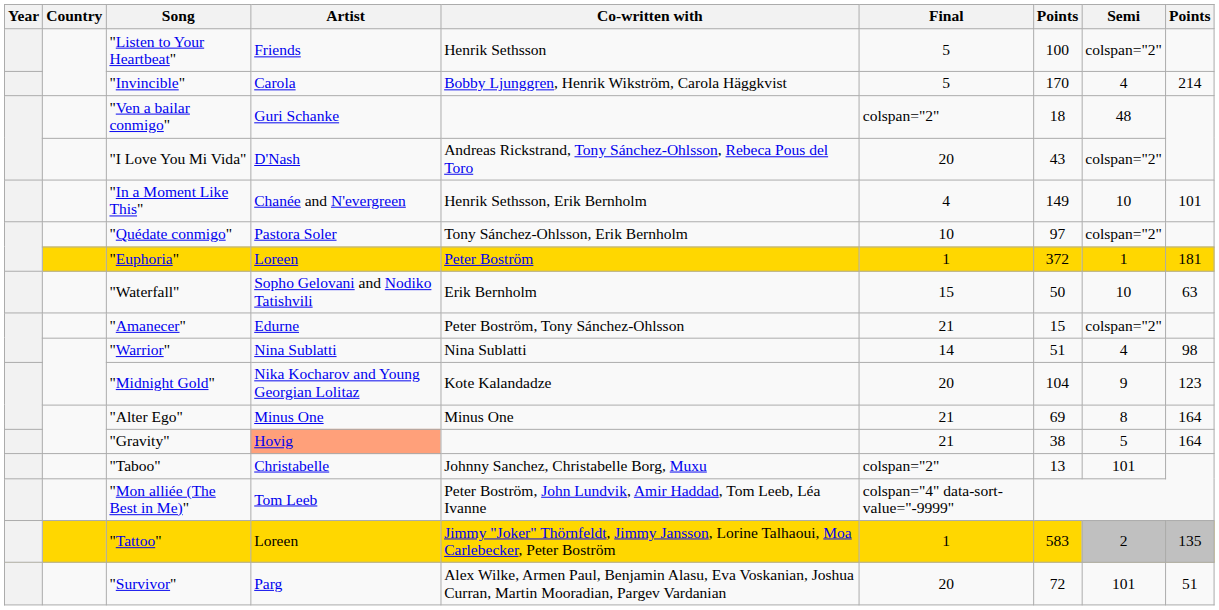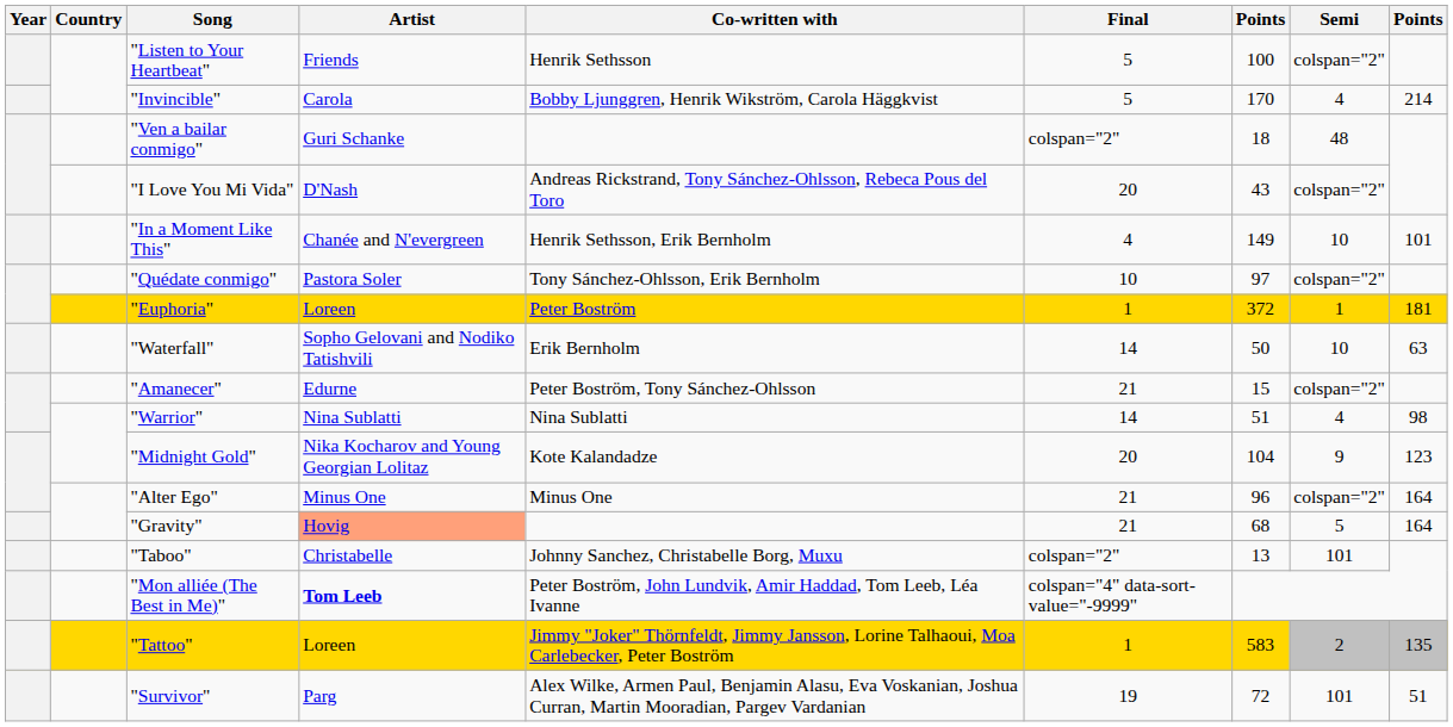 <table class="sortable wikitable plainrowheaders">
 <tr>
 <th scope="col">Year</th>
 <th scope="col">Country</th>
 <th scope="col">Song</th>
 <th scope="col">Artist</th>
 <th scope="col">Co-written with</th>
 <th scope="col">Final</th>
 <th scope="col">Points</th>
 <th scope="col">Semi</th>
 <th scope="col">Points</th>
 </tr>
 <tr>
 <th scope="row" style="text-align:center;"></th>
 <td rowspan=2></td>
 <td>"<a href='#'>Listen to Your Heartbeat</a>"</td>
 <td><a href='#'>Friends</a></td>
 <td>Henrik Sethsson</td>
 <td align=center>5</td>
 <td align=center>100</td>
 <td>colspan="2" </td>
 </tr>
 <tr>
 <th scope="row" style="text-align:center;"></th>
 <td>"<a href='#'>Invincible</a>"</td>
 <td><a href='#'>Carola</a></td>
 <td><a href='#'>Bobby Ljunggren</a>, Henrik Wikström, Carola Häggkvist</td>
 <td align=center>5</td>
 <td align=center>170</td>
 <td align=center>4</td>
 <td align=center>214</td>
 </tr>
 <tr>
 <th scope="row" style="text-align:center;" rowspan=2></th>
 <td></td>
 <td>"<a href='#'>Ven a bailar conmigo</a>"</td>
 <td><a href='#'>Guri Schanke</a></td>
 <td></td>
 <td>colspan="2" </td>
 <td align=center>18</td>
 <td align=center>48</td>
 </tr>
 <tr>
 <td></td>
 <td>"I Love You Mi Vida"</td>
 <td><a href='#'>D'Nash</a></td>
 <td>Andreas Rickstrand, <a href='#'>Tony Sánchez-Ohlsson</a>, <a href='#'>Rebeca Pous del Toro</a></td>
 <td align=center>20</td>
 <td align=center>43</td>
 <td>colspan="2" </td>
 </tr>
 <tr>
 <th scope="row" style="text-align:center;"></th>
 <td></td>
 <td>"<a href='#'>In a Moment Like This</a>"</td>
 <td><a href='#'>Chanée</a> and <a href='#'>N'evergreen</a></td>
 <td>Henrik Sethsson, Erik Bernholm</td>
 <td align=center>4</td>
 <td align=center>149</td>
 <td align=center>10</td>
 <td align=center>101</td>
 </tr>
 <tr>
 <th scope="row" style="text-align:center;" rowspan="2"></th>
 <td></td>
 <td>"<a href='#'>Quédate conmigo</a>"</td>
 <td><a href='#'>Pastora Soler</a></td>
 <td>Tony Sánchez-Ohlsson, Erik Bernholm</td>
 <td align=center>10</td>
 <td align=center>97</td>
 <td>colspan="2" </td>
 </tr>
 <tr bgcolor = "gold">
 <td></td>
 <td>"<a href='#'>Euphoria</a>"</td>
 <td><a href='#'>Loreen</a></td>
 <td><a href='#'>Peter Boström</a></td>
 <td align=center>1</td>
 <td align=center>372</td>
 <td align=center>1</td>
 <td align=center>181</td>
 </tr>
 <tr>
 <th scope="row" style="text-align:center;"></th>
 <td></td>
 <td>"Waterfall"</td>
 <td><a href='#'>Sopho Gelovani</a> and <a href='#'>Nodiko Tatishvili</a></td>
 <td>Erik Bernholm</td>
-<td align=center>15</td>
+<td align=center>14</td>
 <td align=center>50</td>
 <td align=center>10</td>
 <td align=center>63</td>
 </tr>
 <tr>
 <th scope="row" style="text-align:center;" rowspan=2></th>
 <td></td>
 <td>"<a href='#'>Amanecer</a>"</td>
 <td><a href='#'>Edurne</a></td>
 <td>Peter Boström, Tony Sánchez-Ohlsson</td>
 <td align=center>21</td>
 <td align=center>15</td>
 <td>colspan="2" </td>
 </tr>
 <tr>
 <td rowspan="2"></td>
 <td>"<a href='#'>Warrior</a>"</td>
 <td><a href='#'>Nina Sublatti</a></td>
 <td>Nina Sublatti</td>
 <td align=center>14</td>
 <td align=center>51</td>
 <td align=center>4</td>
 <td align=center>98</td>
 </tr>
 <tr>
 <th scope="row" style="text-align:center;" rowspan=2></th>
 <td>"<a href='#'>Midnight Gold</a>"</td>
 <td><a href='#'>Nika Kocharov and Young Georgian Lolitaz</a></td>
 <td>Kote Kalandadze</td>
 <td align=center>20</td>
 <td align=center>104</td>
 <td align=center>9</td>
 <td align=center>123</td>
 </tr>
 <tr>
 <td rowspan="2"></td>
 <td>"Alter Ego"</td>
 <td><a href='#'>Minus One</a></td>
 <td>Minus One</td>
 <td align=center>21</td>
-<td align=center>69</td>
-<td align=center>8</td>
+<td align=center>96</td>
+<td>colspan="2" </td>
 <td align=center>164</td>
 </tr>
 <tr>
 <th scope="row" style="text-align:center;"></th>
 <td>"Gravity"</td>
 <td style="background: lightsalmon;"><a href='#'>Hovig</a></td>
 <td></td>
 <td align=center>21</td>
-<td align=center>38</td>
+<td align=center>68</td>
 <td align=center>5</td>
 <td align=center>164</td>
 </tr>
 <tr>
 <th scope="row" style="text-align:center;"></th>
 <td></td>
 <td>"Taboo"</td>
 <td><a href='#'>Christabelle</a></td>
 <td>Johnny Sanchez, Christabelle Borg, <a href='#'>Muxu</a></td>
 <td>colspan="2" </td>
 <td align=center>13</td>
 <td align=center>101</td>
 </tr>
 <tr>
 <th scope="row" style="text-align:center;"></th>
 <td></td>
 <td>"<a href='#'>Mon alliée (The Best in Me)</a>"</td>
-<td><a href='#'>Tom Leeb</a></td>
+<td><strong><a href='#'>Tom Leeb</a></strong></td>
 <td>Peter Boström, <a href='#'>John Lundvik</a>, <a href='#'>Amir Haddad</a>, Tom Leeb, Léa Ivanne</td>
 <td>colspan="4" data-sort-value="-9999" </td>
 </tr>
 <tr style="background:gold;">
 <th scope="row" style="text-align:center;"></th>
 <td></td>
 <td>"<a href='#'>Tattoo</a>"</td>
 <td>Loreen</td>
 <td><a href='#'>Jimmy "Joker" Thörnfeldt</a>, <a href='#'>Jimmy Jansson</a>, Lorine Talhaoui, <a href='#'>Moa Carlebecker</a>, Peter Boström</td>
 <td align=center>1</td>
 <td align=center>583</td>
 <td bgcolor=silver align=center>2</td>
 <td bgcolor=silver align=center>135</td>
 </tr>
 <tr>
 <th scope="row" style="text-align:center;"></th>
 <td></td>
 <td>"<a href='#'>Survivor</a>"</td>
 <td><a href='#'>Parg</a></td>
 <td>Alex Wilke, Armen Paul, Benjamin Alasu, Eva Voskanian, Joshua Curran, Martin Mooradian, Pargev Vardanian</td>
-<td align=center>20</td>
+<td align=center>19</td>
 <td align=center>72</td>
 <td align=center>101</td>
 <td align=center>51</td>
 </tr>
 </table>
